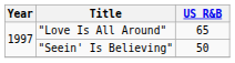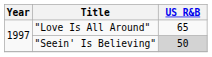 <table class="wikitable">
 <tr>
 <th>Year</th>
 <th>Title</th>
 <th width="60"><a href='#'>US R&B</a></th>
 </tr>
 <tr>
 <td rowspan="2">1997</td>
 <td>"Love Is All Around"</td>
 <td align="center">65</td>
 </tr>
 <tr>
 <td>"Seein' Is Believing"</td>
-<td align="center">50</td>
+<td align="center" style="background: lightgrey;">50</td>
 </tr>
 <tr>
 </tr>
 </table>
